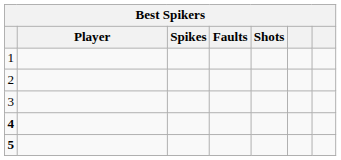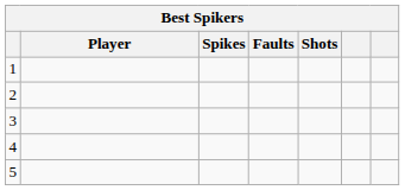 <table class="wikitable sortable" style=font-size:90%>
 <tr>
 <th colspan=7>Best Spikers</th>
 </tr>
 <tr>
 <th></th>
 <th width=158>Player</th>
 <th width=20>Spikes</th>
 <th width=20>Faults</th>
 <th width=20>Shots</th>
 <th width=20></th>
 <th width=20></th>
 </tr>
 <tr>
 <td align=center>1</td>
 <td></td>
 <td align=center></td>
 <td align=center></td>
 <td align=center></td>
 <td align=center></td>
 <td align=center></td>
 </tr>
 <tr>
 <td align=center>2</td>
 <td></td>
 <td align=center></td>
 <td align=center></td>
 <td align=center></td>
 <td align=center></td>
 <td align=center></td>
 </tr>
 <tr>
 <td align=center>3</td>
 <td></td>
 <td align=center></td>
 <td align=center></td>
 <td align=center></td>
 <td align=center></td>
 <td align=center></td>
 </tr>
 <tr>
-<td align=center><strong>4</strong></td>
+<td align=center>4</td>
 <td></td>
 <td align=center></td>
 <td align=center></td>
 <td align=center></td>
 <td align=center></td>
 <td align=center></td>
 </tr>
 <tr>
-<td align=center><strong>5</strong></td>
+<td align=center>5</td>
 <td></td>
 <td align=center></td>
 <td align=center></td>
 <td align=center></td>
 <td align=center></td>
 <td align=center></td>
 </tr>
 </table>
